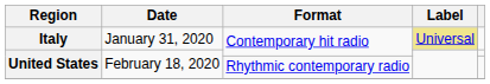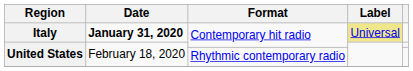 <table class="wikitable plainrowheaders">
 <tr>
 <th>Region</th>
 <th>Date</th>
 <th>Format</th>
 <th>Label</th>
 <th></th>
 </tr>
 <tr>
 <th scope="row">Italy</th>
-<td>January 31, 2020</td>
+<td><strong>January 31, 2020</strong></td>
 <td rowspan="2"><a href='#'>Contemporary hit radio</a></td>
 <td style="background: khaki;"><a href='#'>Universal</a></td>
 <td style="text-align:center;"></td>
 </tr>
 <tr>
 <th scope="row" rowspan="2">United States</th>
 <td rowspan="2">February 18, 2020</td>
 <td rowspan="2"></td>
 <td style="text-align:center;"></td>
 </tr>
 <tr>
 <td><a href='#'>Rhythmic contemporary radio</a></td>
 <td style="text-align:center;"></td>
 </tr>
 <tr>
 </tr>
 </table>
